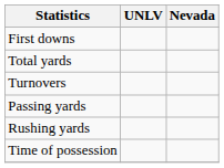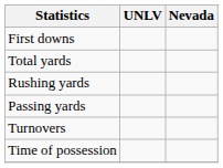 <table class="wikitable">
 <tr>
 <th>Statistics</th>
 <th>UNLV</th>
 <th>Nevada</th>
 </tr>
 <tr>
 <td>First downs</td>
 <td></td>
 <td></td>
 </tr>
 <tr>
 <td>Total yards</td>
 <td></td>
 <td></td>
 </tr>
 <tr>
-<td>Turnovers</td>
+<td>Rushing yards</td>
 <td></td>
 <td></td>
 </tr>
 <tr>
 <td>Passing yards</td>
 <td></td>
 <td></td>
 </tr>
 <tr>
-<td>Rushing yards</td>
+<td>Turnovers</td>
 <td></td>
 <td></td>
 </tr>
 <tr>
 <td>Time of possession</td>
 <td></td>
 <td></td>
 </tr>
 <tr>
 </tr>
 </table>
